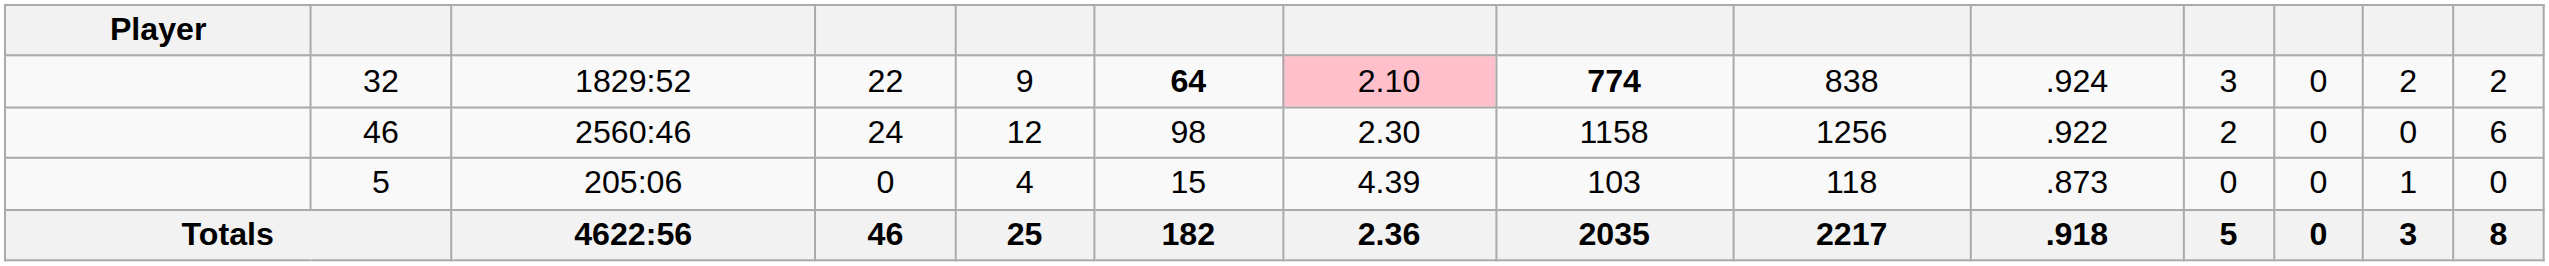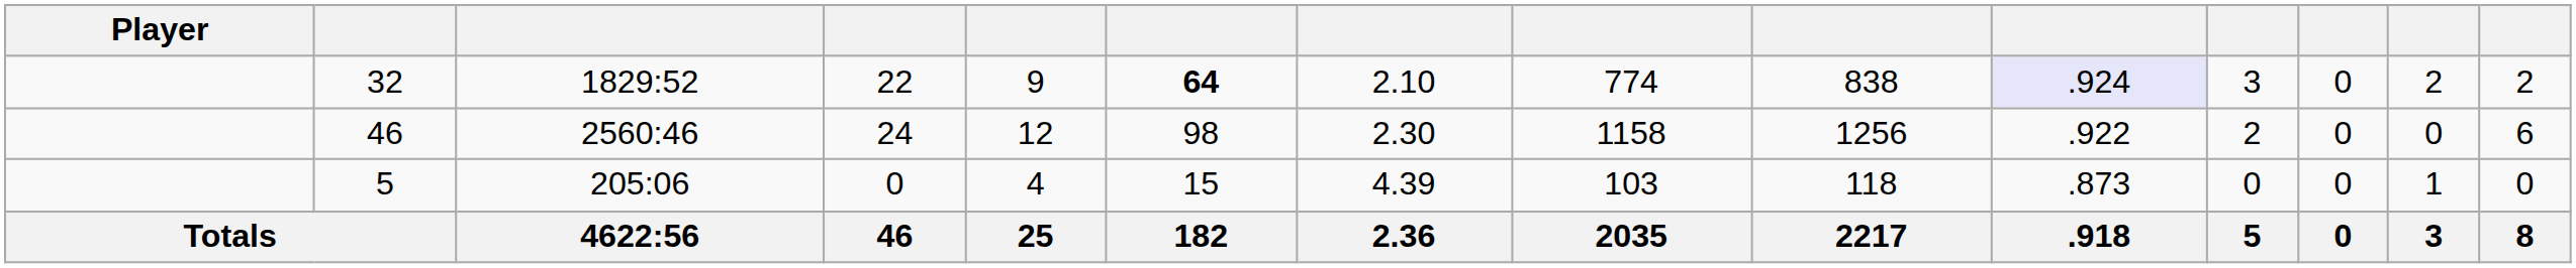 <table class="wikitable sortable" style="width:100%;">
 <tr style="text-align:center; background:#ddd;">
 <th>Player</th>
 <th></th>
 <th></th>
 <th></th>
 <th></th>
 <th></th>
 <th></th>
 <th></th>
 <th></th>
 <th></th>
 <th></th>
 <th></th>
 <th></th>
 <th></th>
 </tr>
 <tr align=center>
 <td style=white-space:nowrap></td>
 <td>32</td>
 <td>1829:52</td>
 <td>22</td>
 <td>9</td>
 <td><strong>64</strong></td>
-<td style="background: pink;">2.10</td>
-<td><strong>774</strong></td>
+<td>2.10</td>
+<td>774</td>
 <td>838</td>
-<td>.924</td>
+<td style="background: lavender;">.924</td>
 <td>3</td>
 <td>0</td>
 <td>2</td>
 <td>2</td>
 </tr>
 <tr align=center>
 <td style=white-space:nowrap></td>
 <td>46</td>
 <td>2560:46</td>
 <td>24</td>
 <td>12</td>
 <td>98</td>
 <td>2.30</td>
 <td>1158</td>
 <td>1256</td>
 <td>.922</td>
 <td>2</td>
 <td>0</td>
 <td>0</td>
 <td>6</td>
 </tr>
 <tr align=center>
 <td style=white-space:nowrap></td>
 <td>5</td>
 <td>205:06</td>
 <td>0</td>
 <td>4</td>
 <td>15</td>
 <td>4.39</td>
 <td>103</td>
 <td>118</td>
 <td>.873</td>
 <td>0</td>
 <td>0</td>
 <td>1</td>
 <td>0</td>
 </tr>
 <tr class="unsortable">
 <th colspan=2>Totals</th>
 <th>4622:56</th>
 <th>46</th>
 <th>25</th>
 <th>182</th>
 <th>2.36</th>
 <th>2035</th>
 <th>2217</th>
 <th>.918</th>
 <th>5</th>
 <th>0</th>
 <th>3</th>
 <th>8</th>
 </tr>
 </table>
